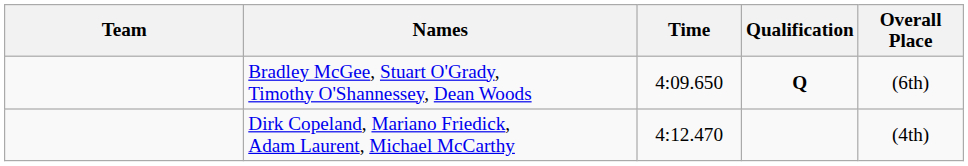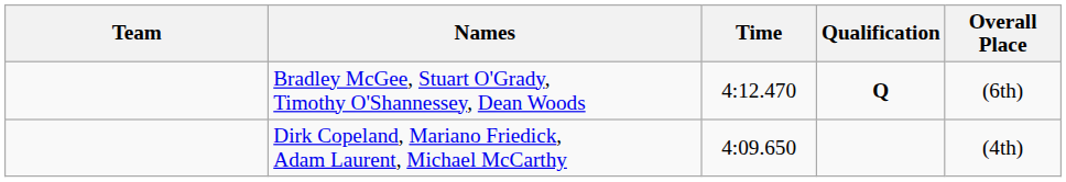 <table class="wikitable" style="text-align:center;">
 <tr>
 <th style="width:12em;">Team</th>
 <th style="width:20em;">Names</th>
 <th style="width:5em;">Time</th>
 <th style="width:5em;">Qualification</th>
 <th style="width:5em;">Overall Place</th>
 </tr>
 <tr>
 <td align=left></td>
 <td align=left><a href='#'>Bradley McGee</a>, <a href='#'>Stuart O'Grady</a>, <br> <a href='#'>Timothy O'Shannessey</a>, <a href='#'>Dean Woods</a></td>
-<td>4:09.650</td>
+<td>4:12.470</td>
 <td><strong>Q</strong></td>
 <td>(6th)</td>
 </tr>
 <tr>
 <td align=left></td>
 <td align=left><a href='#'>Dirk Copeland</a>, <a href='#'>Mariano Friedick</a>,<br><a href='#'>Adam Laurent</a>, <a href='#'>Michael McCarthy</a></td>
-<td>4:12.470</td>
+<td>4:09.650</td>
 <td></td>
 <td>(4th)</td>
 </tr>
 </table>
